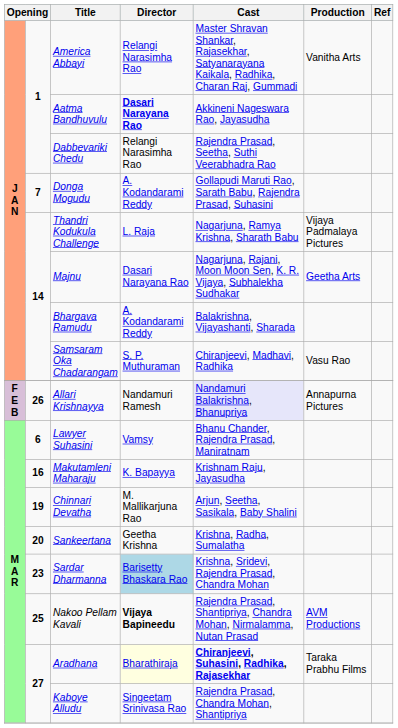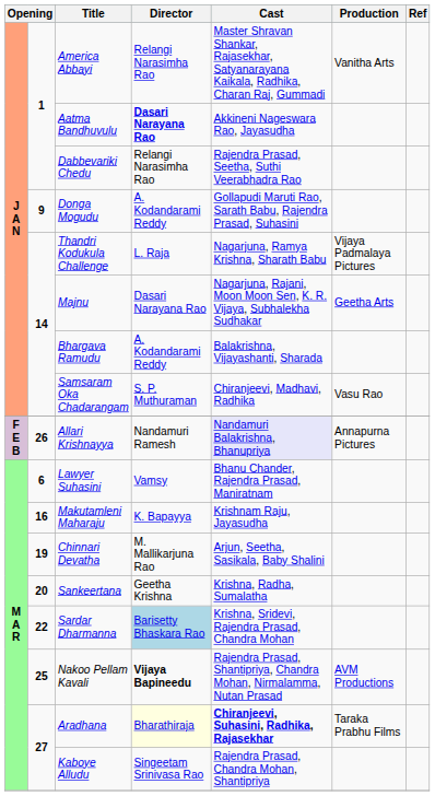 <table class="wikitable">
 <tr style="background:#b0e0e6; text-align:center;">
 <th colspan="2">Opening</th>
 <th style="width:13%;">Title</th>
 <th>Director</th>
 <th>Cast</th>
 <th>Production</th>
 <th>Ref</th>
 </tr>
 <tr January!>
 <td rowspan="8"   style="text-align:center; background:#ffa07a; textcolor:#000;"><strong>J<br>A<br>N</strong></td>
 <td rowspan=3 style="text-align:center;"><strong>1</strong></td>
 <td><em><a href='#'>America Abbayi</a></em></td>
 <td><a href='#'>Relangi Narasimha Rao</a></td>
 <td><a href='#'>Master Shravan Shankar</a>,<br><a href='#'>Rajasekhar</a>, <a href='#'>Satyanarayana Kaikala</a>, <a href='#'>Radhika</a>, <a href='#'>Charan Raj</a>, <a href='#'>Gummadi</a></td>
 <td>Vanitha Arts</td>
 <td></td>
 </tr>
 <tr>
 <td><em><a href='#'>Aatma Bandhuvulu</a></em></td>
 <td><strong><a href='#'>Dasari Narayana Rao</a></strong></td>
 <td><a href='#'>Akkineni Nageswara Rao</a>, <a href='#'>Jayasudha</a></td>
 <td></td>
 <td></td>
 </tr>
 <tr>
 <td><em><a href='#'>Dabbevariki Chedu</a></em></td>
 <td>Relangi Narasimha Rao</td>
 <td><a href='#'>Rajendra Prasad</a>, <a href='#'>Seetha</a>, <a href='#'>Suthi Veerabhadra Rao</a></td>
 <td></td>
 <td></td>
 </tr>
 <tr>
-<td style="text-align:center;"><strong>7</strong></td>
+<td style="text-align:center;"><strong>9</strong></td>
 <td><em><a href='#'>Donga Mogudu</a> </em></td>
 <td><a href='#'>A. Kodandarami Reddy</a></td>
 <td><a href='#'>Gollapudi Maruti Rao</a>, <a href='#'>Sarath Babu</a>, <a href='#'>Rajendra Prasad</a>, <a href='#'>Suhasini</a></td>
 <td></td>
 <td></td>
 </tr>
 <tr>
 <td rowspan=4 style="text-align:center;"><strong>14</strong></td>
 <td><em><a href='#'>Thandri Kodukula Challenge</a></em></td>
 <td><a href='#'>L. Raja</a></td>
 <td><a href='#'>Nagarjuna</a>, <a href='#'>Ramya Krishna</a>, <a href='#'>Sharath Babu</a></td>
 <td>Vijaya Padmalaya Pictures</td>
 <td></td>
 </tr>
 <tr>
 <td><em><a href='#'>Majnu</a></em></td>
 <td><a href='#'>Dasari Narayana Rao</a></td>
 <td><a href='#'>Nagarjuna</a>, <a href='#'>Rajani</a>, <a href='#'>Moon Moon Sen</a>, <a href='#'>K. R. Vijaya</a>, <a href='#'>Subhalekha Sudhakar</a></td>
 <td><a href='#'>Geetha Arts</a></td>
 <td></td>
 </tr>
 <tr>
 <td><em><a href='#'>Bhargava Ramudu</a></em></td>
 <td><a href='#'>A. Kodandarami Reddy</a></td>
 <td><a href='#'>Balakrishna</a>, <a href='#'>Vijayashanti</a>, <a href='#'>Sharada</a></td>
 <td></td>
 <td></td>
 </tr>
 <tr>
 <td><em><a href='#'>Samsaram Oka Chadarangam</a></em></td>
 <td><a href='#'>S. P. Muthuraman</a></td>
 <td><a href='#'>Chiranjeevi</a>, <a href='#'>Madhavi</a>, <a href='#'>Radhika</a></td>
 <td>Vasu Rao</td>
 <td></td>
 </tr>
 <tr>
 </tr>
 <tr February!>
 <td rowspan="1"   style="text-align:center; background:thistle; textcolor:#000;"><strong>F<br>E<br>B</strong></td>
 <td style="text-align:center;"><strong>26</strong></td>
 <td><em><a href='#'>Allari Krishnayya</a></em></td>
 <td>Nandamuri Ramesh</td>
 <td style="background: lavender;"><a href='#'>Nandamuri Balakrishna</a>, <a href='#'>Bhanupriya</a></td>
 <td>Annapurna Pictures</td>
 <td></td>
 </tr>
 <tr March!>
 <td rowspan="8"   style="text-align:center; background:#98fb98; textcolor:#000;"><strong>M<br>A<br>R</strong></td>
 <td style="text-align:center;"><strong>6</strong></td>
 <td><em><a href='#'>Lawyer Suhasini</a></em></td>
 <td><a href='#'>Vamsy</a></td>
 <td><a href='#'>Bhanu Chander</a>, <a href='#'>Rajendra Prasad</a>, <a href='#'>Maniratnam</a></td>
 <td></td>
 <td></td>
 </tr>
 <tr>
 <td style="text-align:center;"><strong>16</strong></td>
 <td><em><a href='#'>Makutamleni Maharaju</a></em></td>
 <td><a href='#'>K. Bapayya</a></td>
 <td><a href='#'>Krishnam Raju</a>, <a href='#'>Jayasudha</a></td>
 <td></td>
 <td></td>
 </tr>
 <tr>
 <td style="text-align:center;"><strong>19</strong></td>
 <td><em><a href='#'>Chinnari Devatha</a></em></td>
 <td>M. Mallikarjuna Rao</td>
 <td><a href='#'>Arjun</a>, <a href='#'>Seetha</a>, <a href='#'>Sasikala</a>, <a href='#'>Baby Shalini</a></td>
 <td></td>
 <td></td>
 </tr>
 <tr>
 <td style="text-align:center;"><strong>20</strong></td>
 <td><em><a href='#'>Sankeertana</a></em></td>
 <td>Geetha Krishna</td>
 <td><a href='#'>Krishna</a>, <a href='#'>Radha</a>, <a href='#'>Sumalatha</a></td>
 <td></td>
 <td></td>
 </tr>
 <tr>
-<td style="text-align:center;"><strong>23</strong></td>
+<td style="text-align:center;"><strong>22</strong></td>
 <td><em><a href='#'>Sardar Dharmanna</a></em></td>
 <td style="background: lightblue;"><a href='#'>Barisetty Bhaskara Rao</a></td>
 <td><a href='#'>Krishna</a>, <a href='#'>Sridevi</a>, <a href='#'>Rajendra Prasad</a>, <a href='#'>Chandra Mohan</a></td>
 <td></td>
 <td></td>
 </tr>
 <tr>
 <td style="text-align:center;"><strong>25</strong></td>
 <td><em>Nakoo Pellam Kavali</em></td>
 <td><strong>Vijaya Bapineedu</strong></td>
 <td><a href='#'>Rajendra Prasad</a>, <a href='#'>Shantipriya</a>, <a href='#'>Chandra Mohan</a>, <a href='#'>Nirmalamma</a>, <a href='#'>Nutan Prasad</a></td>
 <td><a href='#'>AVM Productions</a></td>
 <td></td>
 </tr>
 <tr>
 <td rowspan=2 style="text-align:center;"><strong>27</strong></td>
 <td><em><a href='#'>Aradhana</a></em></td>
 <td style="background: lightyellow;"><a href='#'>Bharathiraja</a></td>
 <td><strong><a href='#'>Chiranjeevi</a>, <a href='#'>Suhasini</a>, <a href='#'>Radhika</a>, <a href='#'>Rajasekhar</a></strong></td>
 <td>Taraka Prabhu Films</td>
 <td></td>
 </tr>
 <tr>
 <td><em><a href='#'>Kaboye Alludu</a></em></td>
 <td><a href='#'>Singeetam Srinivasa Rao</a></td>
 <td><a href='#'>Rajendra Prasad</a>, <a href='#'>Chandra Mohan</a>, <a href='#'>Shantipriya</a></td>
 <td></td>
 <td></td>
 </tr>
 <tr>
 </tr>
 </table>
